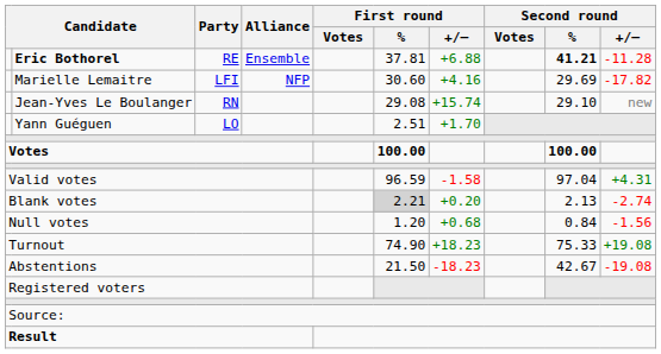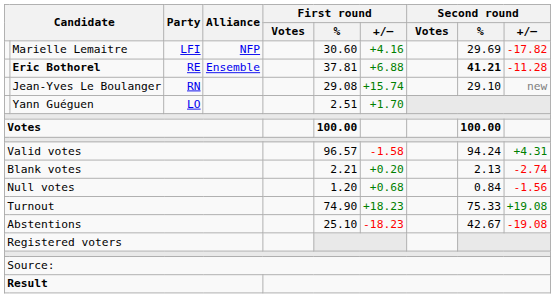 <table class="wikitable" style="text-align:right;font-size:95%;">
 <tr>
 <th rowspan="2" colspan="2">Candidate</th>
 <th colspan="1" rowspan="2">Party</th>
 <th colspan="1" rowspan="2">Alliance</th>
 <th colspan="3">First round</th>
 <th colspan="3">Second round</th>
 </tr>
 <tr>
 <th style="width:50px;">Votes</th>
 <th style="width:45px;">%</th>
 <th style="width:45px;">+/–</th>
 <th style="width:50px;">Votes</th>
 <th style="width:45px;">%</th>
 <th style="width:45px;">+/–</th>
 </tr>
 <tr>
 <td style="color:inherit;background:"></td>
+<td style="text-align:left;">Marielle Lemaitre</td>
+<td><a href='#'>LFI</a></td>
+<td><a href='#'>NFP</a></td>
+<td></td>
+<td>30.60</td>
+<td style="color:green;">+4.16</td>
+<td></td>
+<td>29.69</td>
+<td style="color:red;">-17.82</td>
+</tr>
+<tr>
+<td style="color:inherit;background:"></td>
 <td style="text-align:left;"><strong>Eric Bothorel</strong></td>
 <td><a href='#'>RE</a></td>
 <td><a href='#'>Ensemble</a></td>
 <td></td>
 <td>37.81</td>
 <td style="color:green;">+6.88</td>
 <td><strong></strong></td>
 <td><strong>41.21</strong></td>
 <td style="color:red;">-11.28</td>
-</tr>
-<tr>
-<td style="color:inherit;background:"></td>
-<td style="text-align:left;">Marielle Lemaitre</td>
-<td><a href='#'>LFI</a></td>
-<td><a href='#'>NFP</a></td>
-<td></td>
-<td>30.60</td>
-<td style="color:green;">+4.16</td>
-<td></td>
-<td>29.69</td>
-<td style="color:red;">-17.82</td>
 </tr>
 <tr>
 <td style="color:inherit;background:"></td>
 <td style="text-align:left;">Jean-Yves Le Boulanger</td>
 <td><a href='#'>RN</a></td>
 <td></td>
 <td></td>
 <td>29.08</td>
 <td style="color:green;">+15.74</td>
 <td></td>
 <td>29.10</td>
 <td style="color:grey;">new</td>
 </tr>
 <tr>
 <td style="color:inherit;background:"></td>
 <td style="text-align:left;">Yann Guéguen</td>
 <td><a href='#'>LO</a></td>
 <td></td>
 <td></td>
 <td>2.51</td>
 <td style="color:green;">+1.70</td>
 <td colspan="3" style="background:#E9E9E9;"></td>
 </tr>
 <tr>
 <td colspan="10" style="background:#E9E9E9;"></td>
 </tr>
 <tr style="font-weight:bold;">
 <td colspan="4" style="text-align:left;">Votes</td>
 <td></td>
 <td>100.00</td>
 <td></td>
 <td></td>
 <td>100.00</td>
 <td></td>
 </tr>
 <tr>
 <td colspan="10" style="background:#E9E9E9;"></td>
 </tr>
 <tr>
 <td colspan="4" style="text-align:left;">Valid votes</td>
 <td></td>
-<td>96.59</td>
+<td>96.57</td>
 <td style="color:red;">-1.58</td>
 <td></td>
-<td>97.04</td>
+<td>94.24</td>
 <td style="color:green;">+4.31</td>
 </tr>
 <tr>
 <td colspan="4" style="text-align:left;">Blank votes</td>
 <td></td>
-<td style="background: lightgrey;">2.21</td>
+<td>2.21</td>
 <td style="color:green;">+0.20</td>
 <td></td>
 <td>2.13</td>
 <td style="color:red;">-2.74</td>
 </tr>
 <tr>
 <td colspan="4" style="text-align:left;">Null votes</td>
 <td></td>
 <td>1.20</td>
 <td style="color:green;">+0.68</td>
 <td></td>
 <td>0.84</td>
 <td style="color:red;">-1.56</td>
 </tr>
 <tr>
 <td colspan="4" style="text-align:left;">Turnout</td>
 <td></td>
 <td>74.90</td>
 <td style="color:green;">+18.23</td>
 <td></td>
 <td>75.33</td>
 <td style="color:green;">+19.08</td>
 </tr>
 <tr>
 <td colspan="4" style="text-align:left;">Abstentions</td>
 <td></td>
-<td>21.50</td>
+<td>25.10</td>
 <td style="color:red;">-18.23</td>
 <td></td>
 <td>42.67</td>
 <td style="color:red;">-19.08</td>
 </tr>
 <tr>
 <td colspan="4" style="text-align:left;">Registered voters</td>
 <td></td>
 <td colspan="2" style="background:#E9E9E9;"></td>
 <td></td>
 <td colspan="2" style="background:#E9E9E9;"></td>
 </tr>
 <tr>
 <td colspan="10" style="background:#E9E9E9;"></td>
 </tr>
 <tr>
 <td colspan="10" style="text-align:left;">Source: </td>
 </tr>
 <tr style="font-weight:bold">
 <td colspan="4" style="text-align:left;">Result</td>
 <td colspan="6" style="background-color:"></td>
 </tr>
 </table>
